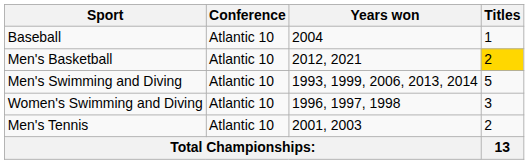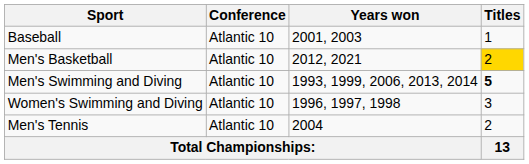 <table class="wikitable"; style= "text-align:">
 <tr>
 <th width=px>Sport</th>
 <th width=px>Conference</th>
 <th width=px>Years won</th>
 <th width=px>Titles</th>
 </tr>
 <tr>
 <td>Baseball</td>
 <td>Atlantic 10</td>
-<td>2004</td>
+<td>2001, 2003</td>
 <td>1</td>
 </tr>
 <tr>
 <td>Men's Basketball</td>
 <td>Atlantic 10</td>
 <td>2012, 2021</td>
 <td style="background: gold;">2</td>
 </tr>
 <tr>
 <td>Men's Swimming and Diving</td>
 <td>Atlantic 10</td>
 <td>1993, 1999, 2006, 2013, 2014</td>
-<td>5</td>
+<td><strong>5</strong></td>
 </tr>
 <tr>
 <td>Women's Swimming and Diving</td>
 <td>Atlantic 10</td>
 <td>1996, 1997, 1998</td>
 <td>3</td>
 </tr>
 <tr>
 <td>Men's Tennis</td>
 <td>Atlantic 10</td>
-<td>2001, 2003</td>
+<td>2004</td>
 <td>2</td>
 </tr>
 <tr class="sortbottom">
 <th colspan="3;">Total Championships:</th>
 <th colspan="3;">13</th>
 </tr>
 </table>
